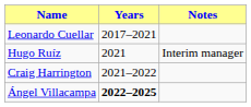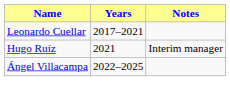 <table class="wikitable">
 <tr>
 <th style=background-color:#FFFF91;color:Blue>Name</th>
 <th style=background-color:#FFFF91;color:Blue>Years</th>
 <th style=background-color:#FFFF91;color:Blue>Notes</th>
 </tr>
 <tr>
 <td> <a href='#'>Leonardo Cuellar</a></td>
 <td>2017–2021</td>
 <td></td>
 </tr>
 <tr>
 <td> <a href='#'>Hugo Ruíz</a></td>
 <td>2021</td>
 <td>Interim manager</td>
 </tr>
 <tr>
-<td> <a href='#'>Craig Harrington</a></td>
-<td>2021–2022</td>
-<td></td>
-</tr>
-<tr>
 <td>  <a href='#'>Ángel Villacampa</a></td>
-<td><strong>2022–2025</strong></td>
+<td>2022–2025</td>
 <td></td>
 </tr>
 </table>
